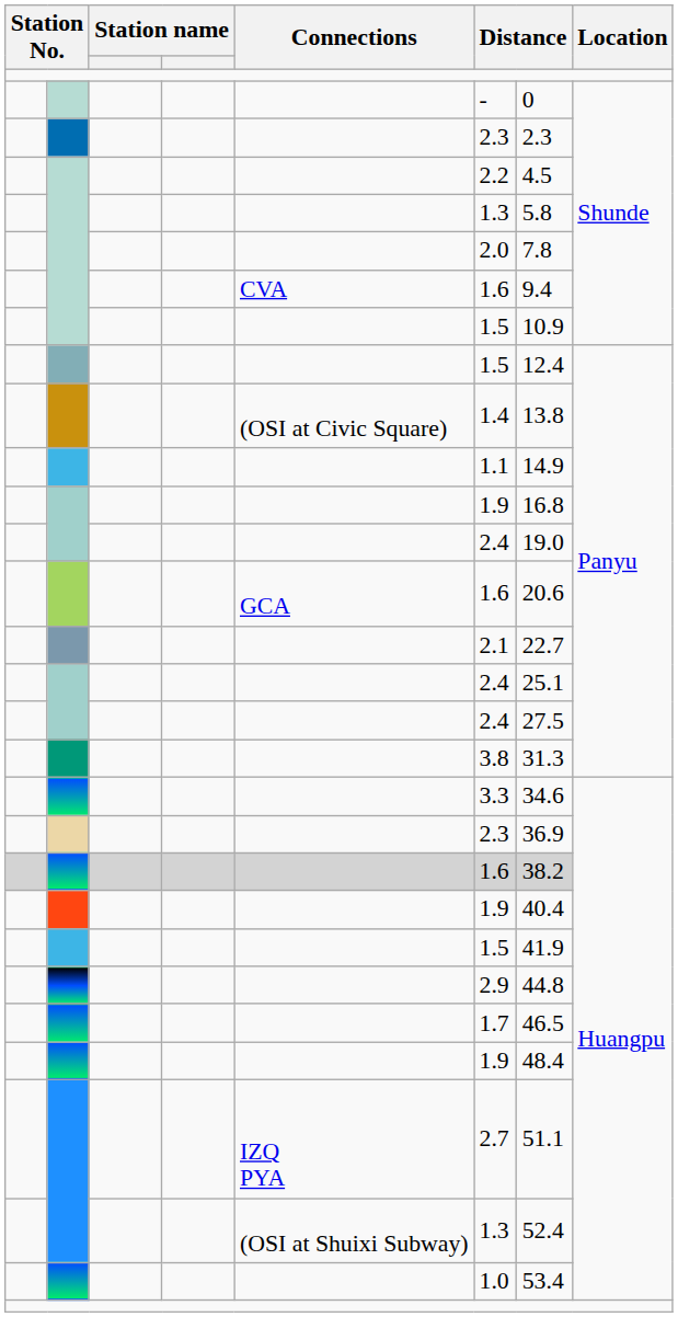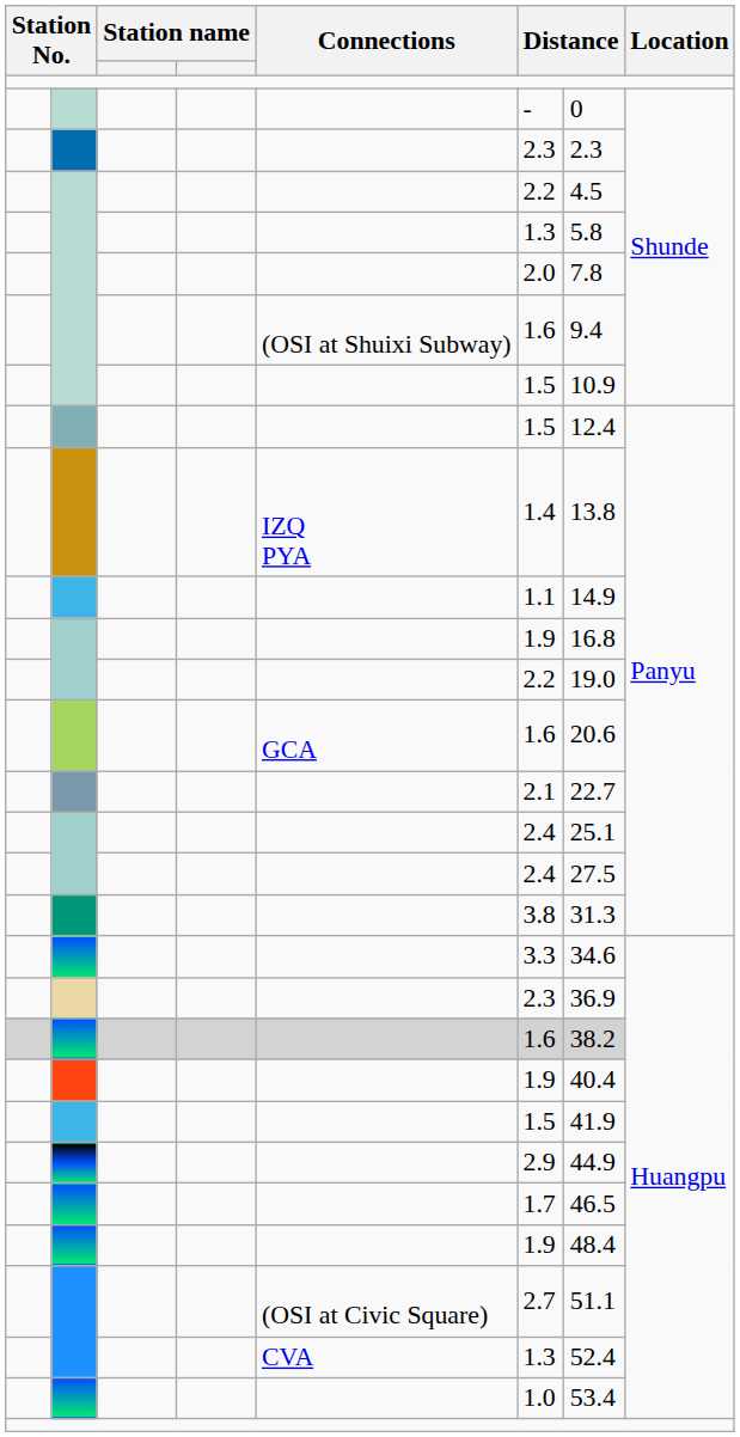 <table class="wikitable">
 <tr>
 <th rowspan="2" colspan="2">Station<br>No.</th>
 <th colspan="2">Station name</th>
 <th rowspan="2">Connections</th>
 <th colspan="2" rowspan="2">Distance<br></th>
 <th rowspan="2">Location</th>
 </tr>
 <tr>
 <th></th>
 <th></th>
 </tr>
 <tr style="background:#">
 <td colspan = "8"></td>
 </tr>
 <tr>
 <td></td>
 <td style="background:#B6DCD3"></td>
 <td></td>
 <td></td>
 <td></td>
 <td>-</td>
 <td>0</td>
 <td rowspan="7"><a href='#'>Shunde</a><br></td>
 </tr>
 <tr>
 <td></td>
 <td style="background:#006DB1"></td>
 <td></td>
 <td></td>
 <td>  </td>
 <td>2.3</td>
 <td>2.3</td>
 </tr>
 <tr>
 <td></td>
 <td rowspan="5" style="background:#B6DCD3"></td>
 <td></td>
 <td></td>
 <td></td>
 <td>2.2</td>
 <td>4.5</td>
 </tr>
 <tr>
 <td></td>
 <td></td>
 <td></td>
 <td></td>
 <td>1.3</td>
 <td>5.8</td>
 </tr>
 <tr>
 <td></td>
 <td></td>
 <td></td>
 <td></td>
 <td>2.0</td>
 <td>7.8</td>
 </tr>
 <tr>
 <td></td>
 <td></td>
 <td></td>
-<td> <a href='#'>CVA</a> </td>
+<td> <br> (OSI at Shuixi Subway)</td>
 <td>1.6</td>
 <td>9.4</td>
 </tr>
 <tr>
 <td></td>
 <td></td>
 <td></td>
 <td> </td>
 <td>1.5</td>
 <td>10.9</td>
 </tr>
 <tr>
 <td></td>
 <td style="background:#82AEB6"></td>
 <td></td>
 <td></td>
 <td></td>
 <td>1.5</td>
 <td>12.4</td>
 <td rowspan=10><a href='#'>Panyu</a><br></td>
 </tr>
 <tr>
 <td></td>
 <td style="background:#C9910D"></td>
 <td></td>
 <td></td>
-<td> <br> (OSI at Civic Square)</td>
+<td>   <br>  <br> <a href='#'>IZQ</a>  <br> <a href='#'>PYA</a>  </td>
 <td>1.4</td>
 <td>13.8</td>
 </tr>
 <tr>
 <td></td>
 <td style="background:#3DB5E6"></td>
 <td></td>
 <td></td>
 <td> </td>
 <td>1.1</td>
 <td>14.9</td>
 </tr>
 <tr>
 <td></td>
 <td rowspan="2" style="background:#A0D0CB"></td>
 <td></td>
 <td></td>
 <td></td>
 <td>1.9</td>
 <td>16.8</td>
 </tr>
 <tr>
 <td></td>
 <td></td>
 <td></td>
 <td></td>
-<td>2.4</td>
+<td>2.2</td>
 <td>19.0</td>
 </tr>
 <tr>
 <td></td>
 <td style="background:#A3D55F"></td>
 <td></td>
 <td></td>
 <td> <br> <a href='#'>GCA</a> </td>
 <td>1.6</td>
 <td>20.6</td>
 </tr>
 <tr>
 <td></td>
 <td style="background:#7B98AC"></td>
 <td></td>
 <td></td>
 <td> </td>
 <td>2.1</td>
 <td>22.7</td>
 </tr>
 <tr>
 <td></td>
 <td rowspan="2" style="background:#A0D0CB"></td>
 <td></td>
 <td></td>
 <td></td>
 <td>2.4</td>
 <td>25.1</td>
 </tr>
 <tr>
 <td></td>
 <td></td>
 <td></td>
 <td></td>
 <td>2.4</td>
 <td>27.5</td>
 </tr>
 <tr>
 <td></td>
 <td style="background:#009878"></td>
 <td></td>
 <td></td>
 <td>   </td>
 <td>3.8</td>
 <td>31.3</td>
 </tr>
 <tr>
 <td></td>
 <td style="background-image: linear-gradient(to bottom, #004eff, #00ea6d);"></td>
 <td></td>
 <td></td>
 <td></td>
 <td>3.3</td>
 <td>34.6</td>
 <td rowspan="11"><a href='#'>Huangpu</a><br></td>
 </tr>
 <tr>
 <td></td>
 <td style="background:#ecd7a7"></td>
 <td></td>
 <td></td>
 <td></td>
 <td>2.3</td>
 <td>36.9</td>
 </tr>
 <tr bgcolor="lightgrey">
 <td></td>
 <td style="background-image: linear-gradient(to bottom, #004eff, #00ea6d);"></td>
 <td></td>
 <td></td>
 <td></td>
 <td>1.6</td>
 <td>38.2</td>
 </tr>
 <tr>
 <td></td>
 <td style="background:#FF4611"></td>
 <td></td>
 <td></td>
 <td> </td>
 <td>1.9</td>
 <td>40.4</td>
 </tr>
 <tr>
 <td></td>
 <td style="background:#3db5e6"></td>
 <td></td>
 <td></td>
 <td> </td>
 <td>1.5</td>
 <td>41.9</td>
 </tr>
 <tr>
 <td></td>
 <td style="background-image: linear-gradient(to bottom, #000000, #004eff, #00ea6d);"></td>
 <td></td>
 <td></td>
 <td></td>
 <td>2.9</td>
-<td>44.8</td>
+<td>44.9</td>
 </tr>
 <tr>
 <td></td>
 <td style="background-image: linear-gradient(to bottom, #004eff, #00ea6d);"></td>
 <td></td>
 <td></td>
 <td></td>
 <td>1.7</td>
 <td>46.5</td>
 </tr>
 <tr>
 <td></td>
 <td style="background-image: linear-gradient(to bottom, #004eff, #00ea6d);"></td>
 <td></td>
 <td></td>
 <td></td>
 <td>1.9</td>
 <td>48.4</td>
 </tr>
 <tr>
 <td></td>
 <td rowspan="2" style="background:#1e90ff"></td>
 <td></td>
 <td></td>
-<td>   <br>  <br> <a href='#'>IZQ</a>  <br> <a href='#'>PYA</a>  </td>
+<td> <br> (OSI at Civic Square)</td>
 <td>2.7</td>
 <td>51.1</td>
 </tr>
 <tr>
 <td></td>
 <td></td>
 <td></td>
-<td> <br> (OSI at Shuixi Subway)</td>
+<td> <a href='#'>CVA</a> </td>
 <td>1.3</td>
 <td>52.4</td>
 </tr>
 <tr>
 <td></td>
 <td style="background-image: linear-gradient(to bottom, #004eff, #00ea6d);"></td>
 <td></td>
 <td></td>
 <td></td>
 <td>1.0</td>
 <td>53.4</td>
 </tr>
 <tr style="background:#">
 <td colspan = "8"></td>
 </tr>
 </table>
